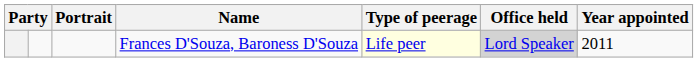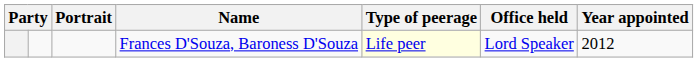 <table class="wikitable sortable">
 <tr>
 <th colspan=2>Party</th>
 <th>Portrait</th>
 <th>Name</th>
 <th>Type of peerage</th>
 <th>Office held</th>
 <th>Year appointed</th>
 </tr>
 <tr>
 <th style="background-color: "></th>
 <td></td>
 <td></td>
 <td><a href='#'>Frances D'Souza, Baroness D'Souza</a></td>
 <td style="background: lightyellow;"><a href='#'>Life peer</a></td>
-<td style="background: lightgrey;"><a href='#'>Lord Speaker</a></td>
-<td>2011</td>
+<td><a href='#'>Lord Speaker</a></td>
+<td>2012</td>
 </tr>
 </table>
